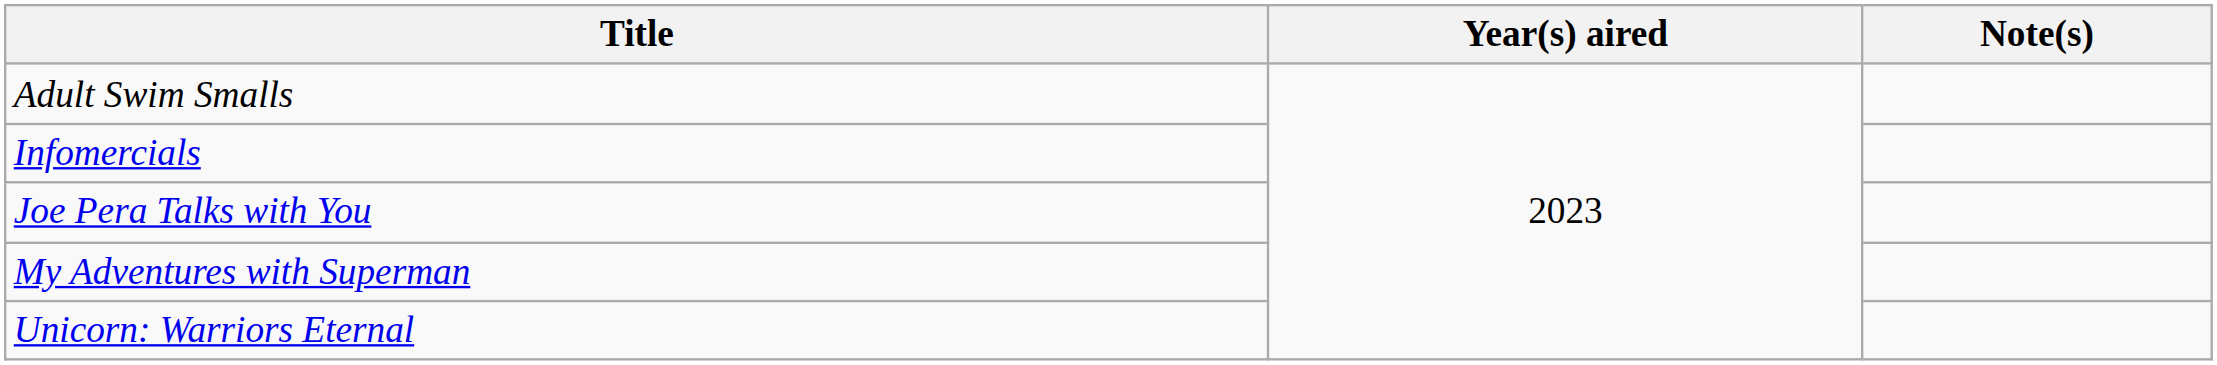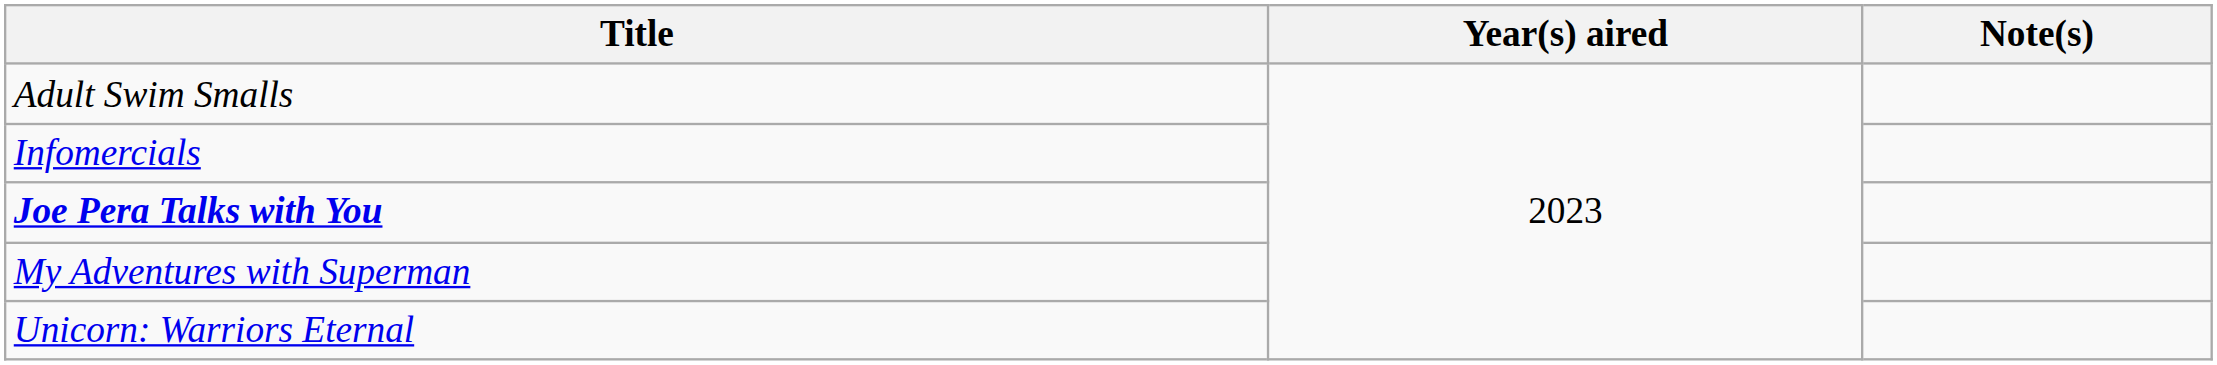 <table class="wikitable plainrowheaders sortable" style="width:75%;text-align:center;">
 <tr>
 <th>Title</th>
 <th>Year(s) aired</th>
 <th class="unsortable">Note(s)</th>
 </tr>
 <tr>
 <td scope="row" style="text-align:left;"><em>Adult Swim Smalls</em></td>
 <td rowspan="5">2023</td>
 <td></td>
 </tr>
 <tr>
 <td scope="row" style="text-align:left;"><em><a href='#'>Infomercials</a></em></td>
 <td></td>
 </tr>
 <tr>
-<td scope="row" style="text-align:left;"><em><a href='#'>Joe Pera Talks with You</a></em></td>
+<td scope="row" style="text-align:left;"><strong><em><a href='#'>Joe Pera Talks with You</a></em></strong></td>
 <td></td>
 </tr>
 <tr>
 <td scope="row" style="text-align:left;"><em><a href='#'>My Adventures with Superman</a></em></td>
 <td></td>
 </tr>
 <tr>
 <td scope="row" style="text-align:left;"><em><a href='#'>Unicorn: Warriors Eternal</a></em></td>
 <td></td>
 </tr>
 </table>
